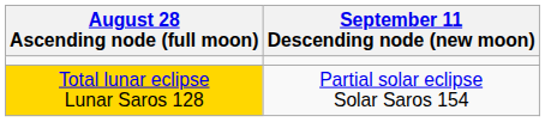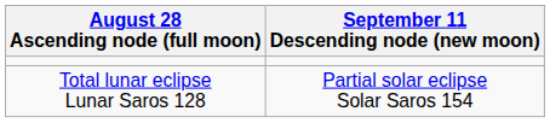 <table class="wikitable">
 <tr>
 <th><a href='#'>August 28</a><br>Ascending node (full moon)<br></th>
 <th><a href='#'>September 11</a><br>Descending node (new moon)<br></th>
 </tr>
 <tr>
 <td></td>
 <td></td>
 </tr>
 <tr align=center>
-<td style="background: gold;"><a href='#'>Total lunar eclipse</a><br>Lunar Saros 128</td>
+<td><a href='#'>Total lunar eclipse</a><br>Lunar Saros 128</td>
 <td><a href='#'>Partial solar eclipse</a><br>Solar Saros 154</td>
 </tr>
 </table>
